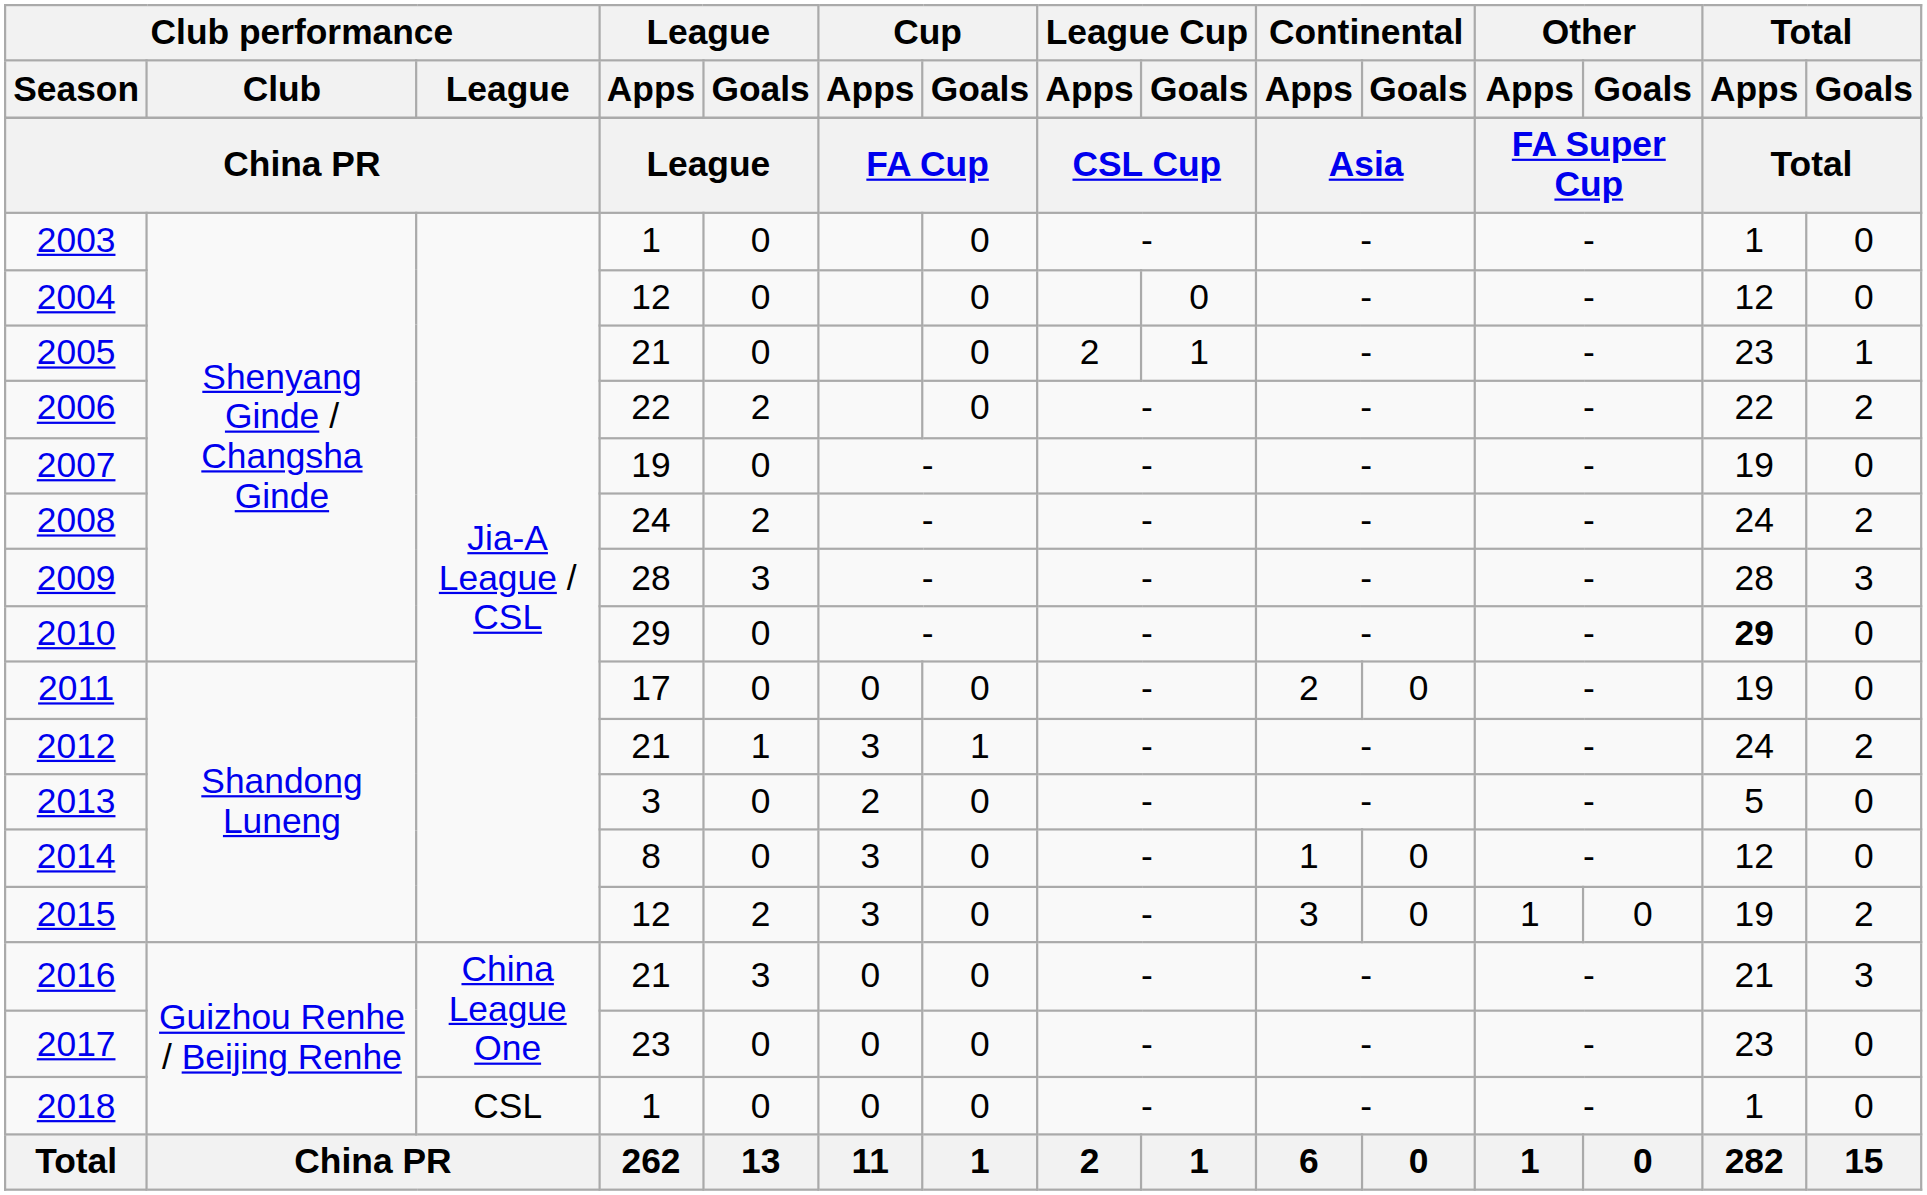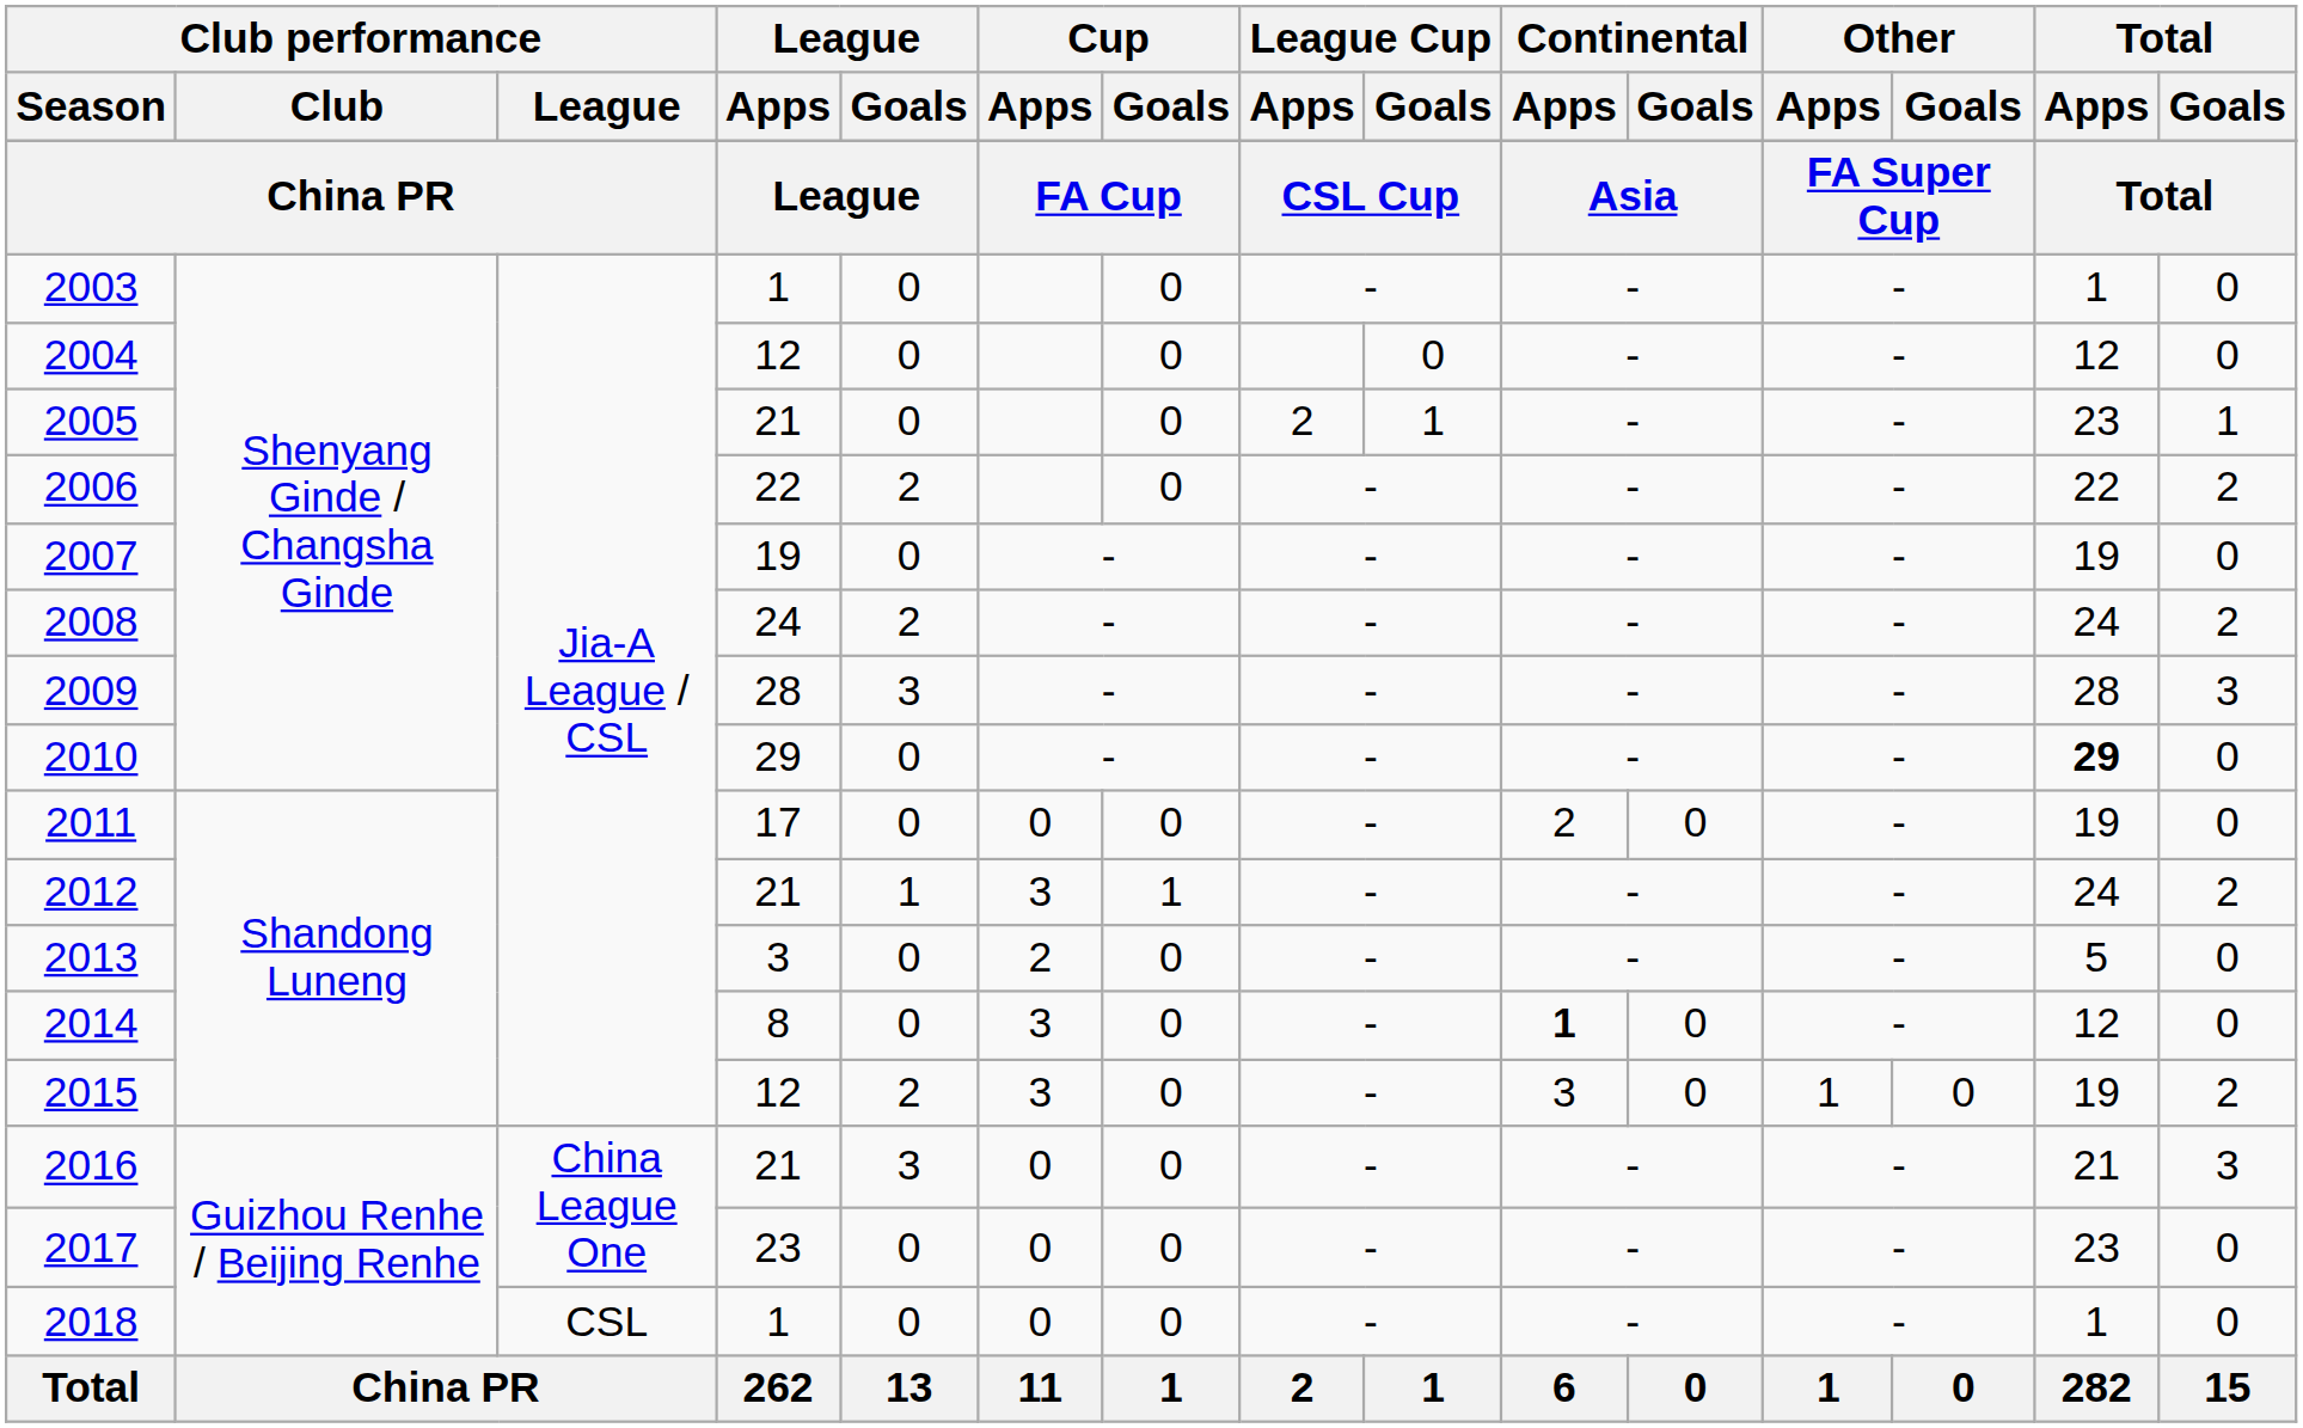 <table class="wikitable" style="text-align:center">
 <tr>
 <th colspan=3>Club performance</th>
 <th colspan=2>League</th>
 <th colspan=2>Cup</th>
 <th colspan=2>League Cup</th>
 <th colspan=2>Continental</th>
 <th colspan=2>Other</th>
 <th colspan=2>Total</th>
 </tr>
 <tr>
 <th>Season</th>
 <th>Club</th>
 <th>League</th>
 <th>Apps</th>
 <th>Goals</th>
 <th>Apps</th>
 <th>Goals</th>
 <th>Apps</th>
 <th>Goals</th>
 <th>Apps</th>
 <th>Goals</th>
 <th>Apps</th>
 <th>Goals</th>
 <th>Apps</th>
 <th>Goals</th>
 </tr>
 <tr>
 </tr>
 <tr>
 <th colspan=3>China PR</th>
 <th colspan=2>League</th>
 <th colspan=2><a href='#'>FA Cup</a></th>
 <th colspan=2><a href='#'>CSL Cup</a></th>
 <th colspan=2><a href='#'>Asia</a></th>
 <th colspan=2><a href='#'>FA Super Cup</a></th>
 <th colspan=2>Total</th>
 </tr>
 <tr>
 <td><a href='#'>2003</a></td>
 <td rowspan="8"><a href='#'>Shenyang Ginde</a> / <a href='#'>Changsha Ginde</a></td>
 <td rowspan="13"><a href='#'>Jia-A League</a> / <a href='#'>CSL</a></td>
 <td>1</td>
 <td>0</td>
 <td></td>
 <td>0</td>
 <td colspan="2">-</td>
 <td colspan="2">-</td>
 <td colspan="2">-</td>
 <td>1</td>
 <td>0</td>
 </tr>
 <tr>
 <td><a href='#'>2004</a></td>
 <td>12</td>
 <td>0</td>
 <td></td>
 <td>0</td>
 <td></td>
 <td>0</td>
 <td colspan="2">-</td>
 <td colspan="2">-</td>
 <td>12</td>
 <td>0</td>
 </tr>
 <tr>
 <td><a href='#'>2005</a></td>
 <td>21</td>
 <td>0</td>
 <td></td>
 <td>0</td>
 <td>2</td>
 <td>1</td>
 <td colspan="2">-</td>
 <td colspan="2">-</td>
 <td>23</td>
 <td>1</td>
 </tr>
 <tr>
 <td><a href='#'>2006</a></td>
 <td>22</td>
 <td>2</td>
 <td></td>
 <td>0</td>
 <td colspan="2">-</td>
 <td colspan="2">-</td>
 <td colspan="2">-</td>
 <td>22</td>
 <td>2</td>
 </tr>
 <tr>
 <td><a href='#'>2007</a></td>
 <td>19</td>
 <td>0</td>
 <td colspan="2">-</td>
 <td colspan="2">-</td>
 <td colspan="2">-</td>
 <td colspan="2">-</td>
 <td>19</td>
 <td>0</td>
 </tr>
 <tr>
 <td><a href='#'>2008</a></td>
 <td>24</td>
 <td>2</td>
 <td colspan="2">-</td>
 <td colspan="2">-</td>
 <td colspan="2">-</td>
 <td colspan="2">-</td>
 <td>24</td>
 <td>2</td>
 </tr>
 <tr>
 <td><a href='#'>2009</a></td>
 <td>28</td>
 <td>3</td>
 <td colspan="2">-</td>
 <td colspan="2">-</td>
 <td colspan="2">-</td>
 <td colspan="2">-</td>
 <td>28</td>
 <td>3</td>
 </tr>
 <tr>
 <td><a href='#'>2010</a></td>
 <td>29</td>
 <td>0</td>
 <td colspan="2">-</td>
 <td colspan="2">-</td>
 <td colspan="2">-</td>
 <td colspan="2">-</td>
 <td><strong>29</strong></td>
 <td>0</td>
 </tr>
 <tr>
 <td><a href='#'>2011</a></td>
 <td rowspan="5"><a href='#'>Shandong Luneng</a></td>
 <td>17</td>
 <td>0</td>
 <td>0</td>
 <td>0</td>
 <td colspan="2">-</td>
 <td>2</td>
 <td>0</td>
 <td colspan="2">-</td>
 <td>19</td>
 <td>0</td>
 </tr>
 <tr>
 <td><a href='#'>2012</a></td>
 <td>21</td>
 <td>1</td>
 <td>3</td>
 <td>1</td>
 <td colspan="2">-</td>
 <td colspan="2">-</td>
 <td colspan="2">-</td>
 <td>24</td>
 <td>2</td>
 </tr>
 <tr>
 <td><a href='#'>2013</a></td>
 <td>3</td>
 <td>0</td>
 <td>2</td>
 <td>0</td>
 <td colspan="2">-</td>
 <td colspan="2">-</td>
 <td colspan="2">-</td>
 <td>5</td>
 <td>0</td>
 </tr>
 <tr>
 <td><a href='#'>2014</a></td>
 <td>8</td>
 <td>0</td>
 <td>3</td>
 <td>0</td>
 <td colspan="2">-</td>
-<td>1</td>
+<td><strong>1</strong></td>
 <td>0</td>
 <td colspan="2">-</td>
 <td>12</td>
 <td>0</td>
 </tr>
 <tr>
 <td><a href='#'>2015</a></td>
 <td>12</td>
 <td>2</td>
 <td>3</td>
 <td>0</td>
 <td colspan="2">-</td>
 <td>3</td>
 <td>0</td>
 <td>1</td>
 <td>0</td>
 <td>19</td>
 <td>2</td>
 </tr>
 <tr>
 <td><a href='#'>2016</a></td>
 <td rowspan="3"><a href='#'>Guizhou Renhe</a> / <a href='#'>Beijing Renhe</a></td>
 <td rowspan="2"><a href='#'>China League One</a></td>
 <td>21</td>
 <td>3</td>
 <td>0</td>
 <td>0</td>
 <td colspan="2">-</td>
 <td colspan="2">-</td>
 <td colspan="2">-</td>
 <td>21</td>
 <td>3</td>
 </tr>
 <tr>
 <td><a href='#'>2017</a></td>
 <td>23</td>
 <td>0</td>
 <td>0</td>
 <td>0</td>
 <td colspan="2">-</td>
 <td colspan="2">-</td>
 <td colspan="2">-</td>
 <td>23</td>
 <td>0</td>
 </tr>
 <tr>
 <td><a href='#'>2018</a></td>
 <td>CSL</td>
 <td>1</td>
 <td>0</td>
 <td>0</td>
 <td>0</td>
 <td colspan="2">-</td>
 <td colspan="2">-</td>
 <td colspan="2">-</td>
 <td>1</td>
 <td>0</td>
 </tr>
 <tr>
 <th rowspan=3>Total</th>
 <th colspan=2>China PR</th>
 <th>262</th>
 <th>13</th>
 <th>11</th>
 <th>1</th>
 <th>2</th>
 <th>1</th>
 <th>6</th>
 <th>0</th>
 <th>1</th>
 <th>0</th>
 <th>282</th>
 <th>15</th>
 </tr>
 </table>
